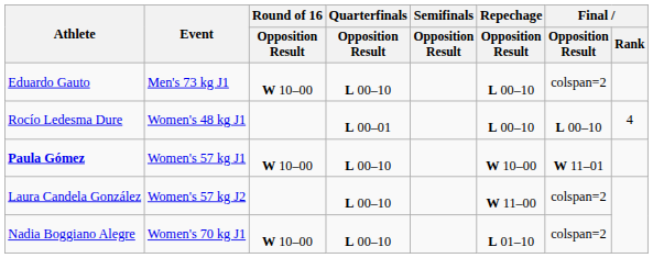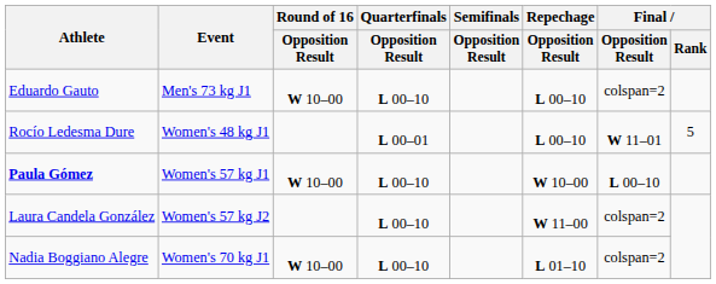 <table class="wikitable" style="font-size:90%">
 <tr>
 <th rowspan="2">Athlete</th>
 <th rowspan="2">Event</th>
 <th>Round of 16</th>
 <th>Quarterfinals</th>
 <th>Semifinals</th>
 <th>Repechage</th>
 <th colspan=2>Final / </th>
 </tr>
 <tr style="font-size:95%">
 <th>Opposition<br>Result</th>
 <th>Opposition<br>Result</th>
 <th>Opposition<br>Result</th>
 <th>Opposition<br>Result</th>
 <th>Opposition<br>Result</th>
 <th>Rank</th>
 </tr>
 <tr align=center>
 <td align=left><a href='#'>Eduardo Gauto</a></td>
 <td align=left><a href='#'>Men's 73 kg J1</a></td>
 <td><br><strong>W</strong> 10–00</td>
 <td><br><strong>L</strong> 00–10</td>
 <td></td>
 <td><br><strong>L</strong> 00–10</td>
 <td>colspan=2 </td>
 </tr>
 <tr align=center>
 <td align=left><a href='#'>Rocío Ledesma Dure</a></td>
 <td align=left><a href='#'>Women's 48 kg J1</a></td>
 <td></td>
 <td><br><strong>L</strong> 00–01</td>
 <td></td>
 <td><br><strong>L</strong> 00–10</td>
-<td><br><strong>L</strong> 00–10</td>
-<td>4</td>
+<td><br><strong>W</strong> 11–01</td>
+<td>5</td>
 </tr>
 <tr align=center>
 <td align=left><strong><a href='#'>Paula Gómez</a></strong></td>
 <td align=left><a href='#'>Women's 57 kg J1</a></td>
 <td><br><strong>W</strong> 10–00</td>
 <td><br><strong>L</strong> 00–10</td>
 <td></td>
 <td><br><strong>W</strong> 10–00</td>
-<td><br><strong>W</strong> 11–01</td>
+<td><br><strong>L</strong> 00–10</td>
 <td></td>
 </tr>
 <tr align="center">
 <td align="left"><a href='#'>Laura Candela González</a></td>
 <td align="left"><a href='#'>Women's 57 kg J2</a></td>
 <td></td>
 <td><br><strong>L</strong> 00–10</td>
 <td></td>
 <td><br><strong>W</strong> 11–00</td>
 <td>colspan=2 </td>
 </tr>
 <tr align=center>
 <td align=left><a href='#'>Nadia Boggiano Alegre</a></td>
 <td align=left><a href='#'>Women's 70 kg J1</a></td>
 <td><br><strong>W</strong> 10–00</td>
 <td><br><strong>L</strong> 00–10</td>
 <td></td>
 <td><br><strong>L</strong> 01–10</td>
 <td>colspan=2 </td>
 </tr>
 </table>
